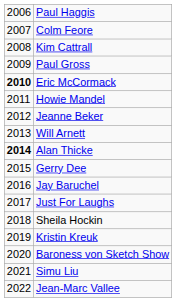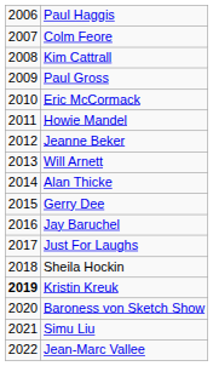 <table class="wikitable">
 <tr>
 <td>2006</td>
 <td><a href='#'>Paul Haggis</a></td>
 </tr>
 <tr>
 <td>2007</td>
 <td><a href='#'>Colm Feore</a></td>
 </tr>
 <tr>
 <td>2008</td>
 <td><a href='#'>Kim Cattrall</a></td>
 </tr>
 <tr>
 <td>2009</td>
 <td><a href='#'>Paul Gross</a></td>
 </tr>
 <tr>
-<td><strong>2010</strong></td>
+<td>2010</td>
 <td><a href='#'>Eric McCormack</a></td>
 </tr>
 <tr>
 <td>2011</td>
 <td><a href='#'>Howie Mandel</a></td>
 </tr>
 <tr>
 <td>2012</td>
 <td><a href='#'>Jeanne Beker</a></td>
 </tr>
 <tr>
 <td>2013</td>
 <td><a href='#'>Will Arnett</a></td>
 </tr>
 <tr>
-<td><strong>2014</strong></td>
+<td>2014</td>
 <td><a href='#'>Alan Thicke</a></td>
 </tr>
 <tr>
 <td>2015</td>
 <td><a href='#'>Gerry Dee</a></td>
 </tr>
 <tr>
 <td>2016</td>
 <td><a href='#'>Jay Baruchel</a></td>
 </tr>
 <tr>
 <td>2017</td>
 <td><a href='#'>Just For Laughs</a></td>
 </tr>
 <tr>
 <td>2018</td>
 <td>Sheila Hockin</td>
 </tr>
 <tr>
-<td>2019</td>
+<td><strong>2019</strong></td>
 <td><a href='#'>Kristin Kreuk</a></td>
 </tr>
 <tr>
 <td>2020</td>
 <td><a href='#'>Baroness von Sketch Show</a></td>
 </tr>
 <tr>
 <td>2021</td>
 <td><a href='#'>Simu Liu</a></td>
 </tr>
 <tr>
 <td>2022</td>
 <td><a href='#'>Jean-Marc Vallee</a></td>
 </tr>
 </table>
